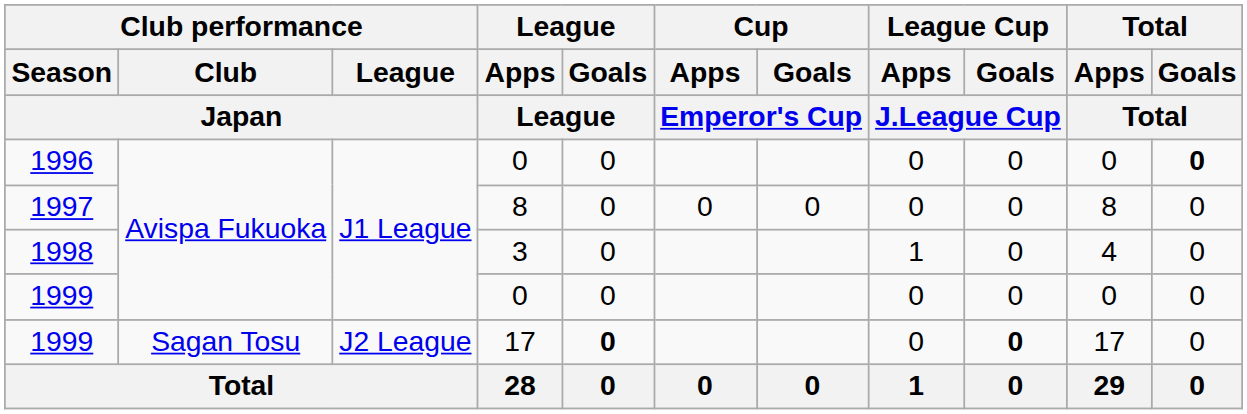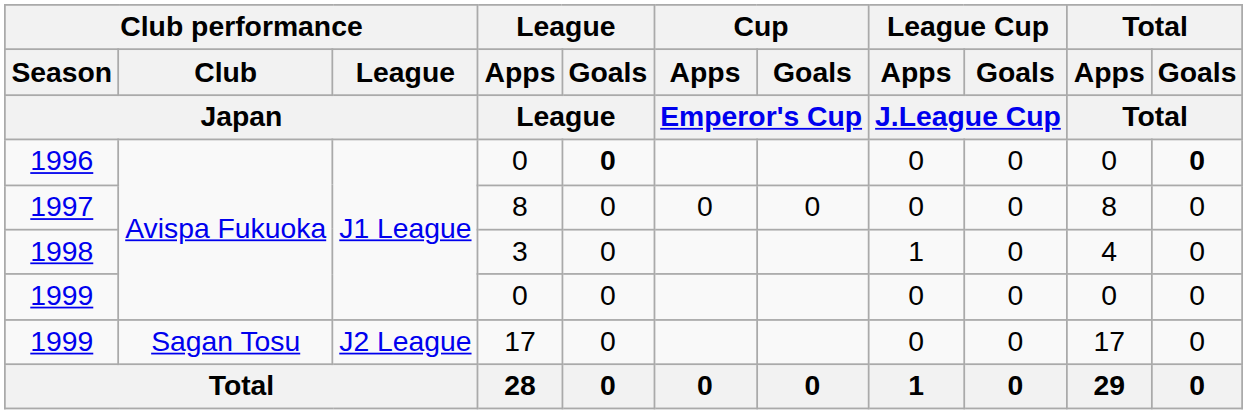 <table class="wikitable" style="text-align:center;">
 <tr>
 <th colspan=3>Club performance</th>
 <th colspan=2>League</th>
 <th colspan=2>Cup</th>
 <th colspan=2>League Cup</th>
 <th colspan=2>Total</th>
 </tr>
 <tr>
 <th>Season</th>
 <th>Club</th>
 <th>League</th>
 <th>Apps</th>
 <th>Goals</th>
 <th>Apps</th>
 <th>Goals</th>
 <th>Apps</th>
 <th>Goals</th>
 <th>Apps</th>
 <th>Goals</th>
 </tr>
 <tr>
 <th colspan=3>Japan</th>
 <th colspan=2>League</th>
 <th colspan=2><a href='#'>Emperor's Cup</a></th>
 <th colspan=2><a href='#'>J.League Cup</a></th>
 <th colspan=2>Total</th>
 </tr>
 <tr>
 <td><a href='#'>1996</a></td>
 <td rowspan="4"><a href='#'>Avispa Fukuoka</a></td>
 <td rowspan="4"><a href='#'>J1 League</a></td>
 <td>0</td>
-<td>0</td>
+<td><strong>0</strong></td>
 <td></td>
 <td></td>
 <td>0</td>
 <td>0</td>
 <td>0</td>
 <td><strong>0</strong></td>
 </tr>
 <tr>
 <td><a href='#'>1997</a></td>
 <td>8</td>
 <td>0</td>
 <td>0</td>
 <td>0</td>
 <td>0</td>
 <td>0</td>
 <td>8</td>
 <td>0</td>
 </tr>
 <tr>
 <td><a href='#'>1998</a></td>
 <td>3</td>
 <td>0</td>
 <td></td>
 <td></td>
 <td>1</td>
 <td>0</td>
 <td>4</td>
 <td>0</td>
 </tr>
 <tr>
 <td><a href='#'>1999</a></td>
 <td>0</td>
 <td>0</td>
 <td></td>
 <td></td>
 <td>0</td>
 <td>0</td>
 <td>0</td>
 <td>0</td>
 </tr>
 <tr>
 <td><a href='#'>1999</a></td>
 <td><a href='#'>Sagan Tosu</a></td>
 <td><a href='#'>J2 League</a></td>
 <td>17</td>
-<td><strong>0</strong></td>
+<td>0</td>
 <td></td>
 <td></td>
 <td>0</td>
-<td><strong>0</strong></td>
+<td>0</td>
 <td>17</td>
 <td>0</td>
 </tr>
 <tr>
 <th colspan=3>Total</th>
 <th>28</th>
 <th>0</th>
 <th>0</th>
 <th>0</th>
 <th>1</th>
 <th>0</th>
 <th>29</th>
 <th>0</th>
 </tr>
 </table>
